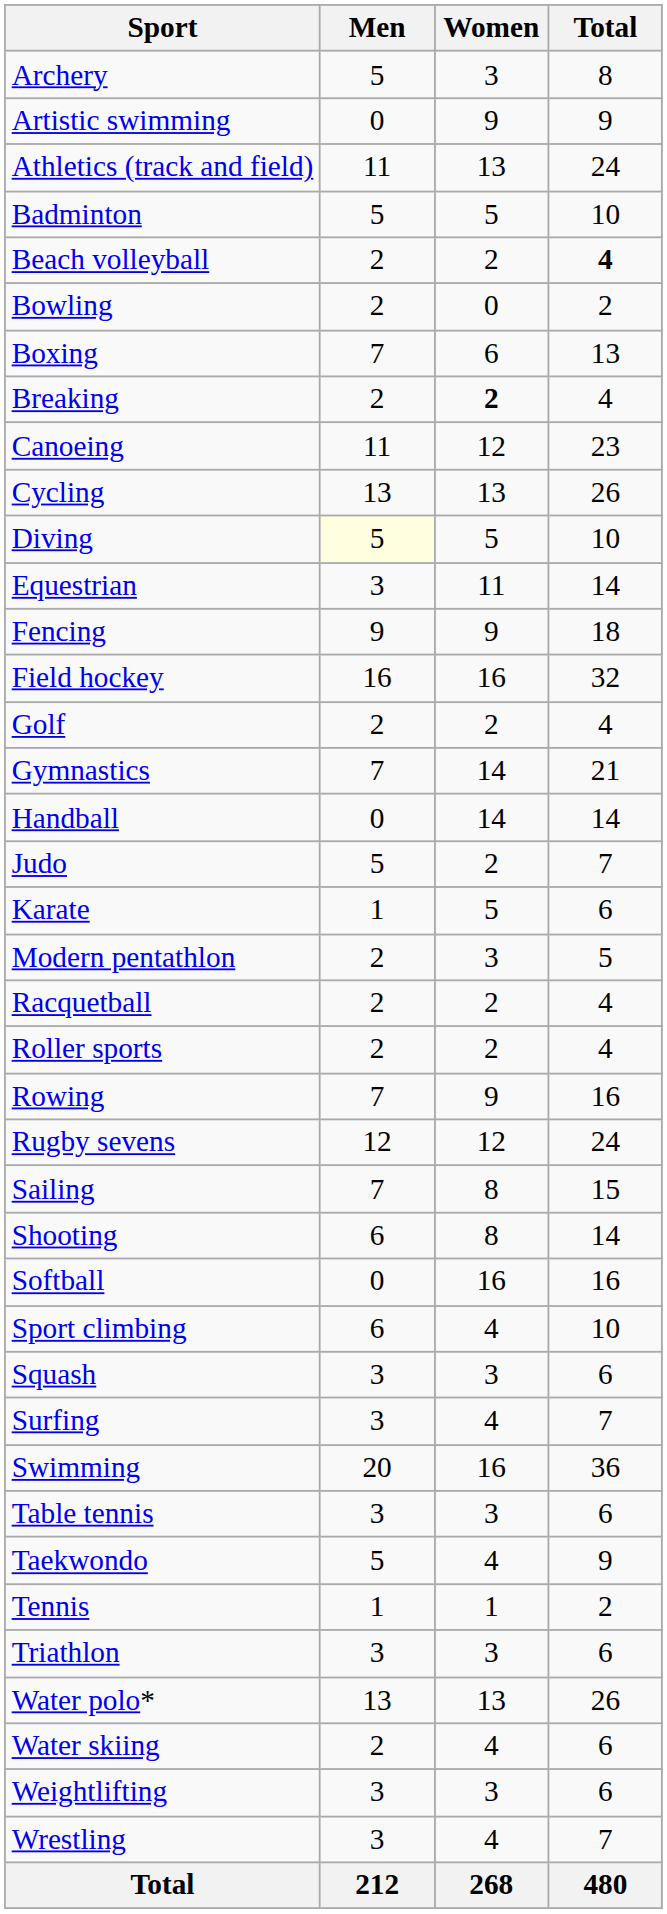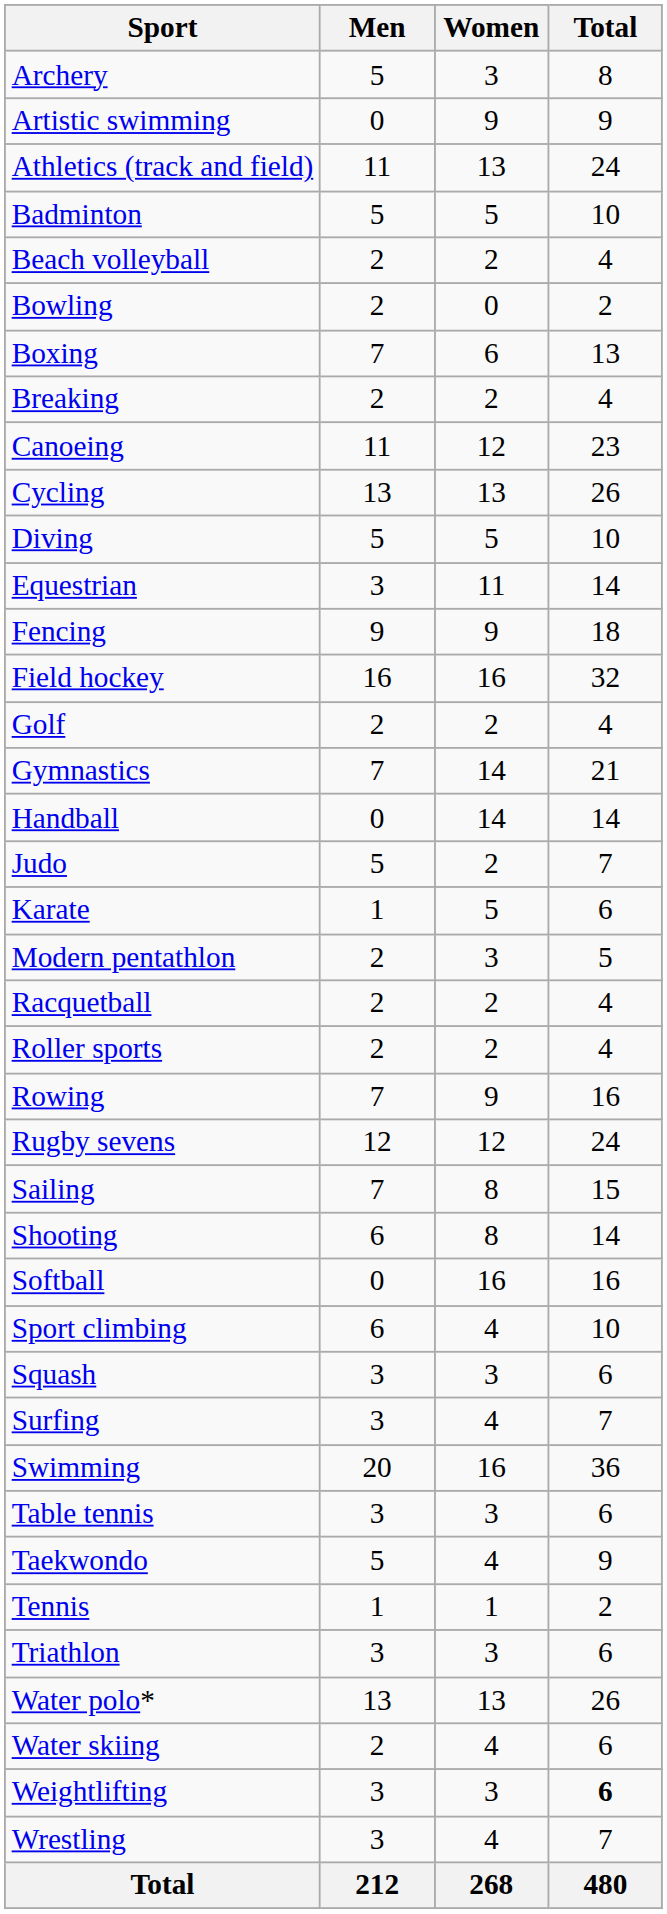 <table class="wikitable sortable" style="text-align:center;">
 <tr>
 <th width=140>Sport</th>
 <th width=55>Men</th>
 <th width=55>Women</th>
 <th width=55>Total</th>
 </tr>
 <tr>
 <td align=left><a href='#'>Archery</a></td>
 <td>5</td>
 <td>3</td>
 <td>8</td>
 </tr>
 <tr>
 <td align=left><a href='#'>Artistic swimming</a></td>
 <td>0</td>
 <td>9</td>
 <td>9</td>
 </tr>
 <tr>
 <td align=left nowrap><a href='#'>Athletics (track and field)</a></td>
 <td>11</td>
 <td>13</td>
 <td>24</td>
 </tr>
 <tr>
 <td align=left><a href='#'>Badminton</a></td>
 <td>5</td>
 <td>5</td>
 <td>10</td>
 </tr>
 <tr>
 <td align=left><a href='#'>Beach volleyball</a></td>
 <td>2</td>
 <td>2</td>
-<td><strong>4</strong></td>
+<td>4</td>
 </tr>
 <tr>
 <td align=left><a href='#'>Bowling</a></td>
 <td>2</td>
 <td>0</td>
 <td>2</td>
 </tr>
 <tr>
 <td align=left><a href='#'>Boxing</a></td>
 <td>7</td>
 <td>6</td>
 <td>13</td>
 </tr>
 <tr>
 <td align=left><a href='#'>Breaking</a></td>
 <td>2</td>
-<td><strong>2</strong></td>
+<td>2</td>
 <td>4</td>
 </tr>
 <tr>
 <td align=left><a href='#'>Canoeing</a></td>
 <td>11</td>
 <td>12</td>
 <td>23</td>
 </tr>
 <tr>
 <td align=left><a href='#'>Cycling</a></td>
 <td>13</td>
 <td>13</td>
 <td>26</td>
 </tr>
 <tr>
 <td align=left><a href='#'>Diving</a></td>
-<td style="background: lightyellow;">5</td>
+<td>5</td>
 <td>5</td>
 <td>10</td>
 </tr>
 <tr>
 <td align=left><a href='#'>Equestrian</a></td>
 <td>3</td>
 <td>11</td>
 <td>14</td>
 </tr>
 <tr>
 <td align=left><a href='#'>Fencing</a></td>
 <td>9</td>
 <td>9</td>
 <td>18</td>
 </tr>
 <tr>
 <td align=left><a href='#'>Field hockey</a></td>
 <td>16</td>
 <td>16</td>
 <td>32</td>
 </tr>
 <tr>
 <td align=left><a href='#'>Golf</a></td>
 <td>2</td>
 <td>2</td>
 <td>4</td>
 </tr>
 <tr>
 <td align=left><a href='#'>Gymnastics</a></td>
 <td>7</td>
 <td>14</td>
 <td>21</td>
 </tr>
 <tr>
 <td align=left><a href='#'>Handball</a></td>
 <td>0</td>
 <td>14</td>
 <td>14</td>
 </tr>
 <tr>
 <td align=left><a href='#'>Judo</a></td>
 <td>5</td>
 <td>2</td>
 <td>7</td>
 </tr>
 <tr>
 <td align=left><a href='#'>Karate</a></td>
 <td>1</td>
 <td>5</td>
 <td>6</td>
 </tr>
 <tr>
 <td align=left><a href='#'>Modern pentathlon</a></td>
 <td>2</td>
 <td>3</td>
 <td>5</td>
 </tr>
 <tr>
 <td align=left><a href='#'>Racquetball</a></td>
 <td>2</td>
 <td>2</td>
 <td>4</td>
 </tr>
 <tr>
 <td align=left><a href='#'>Roller sports</a></td>
 <td>2</td>
 <td>2</td>
 <td>4</td>
 </tr>
 <tr>
 <td align=left><a href='#'>Rowing</a></td>
 <td>7</td>
 <td>9</td>
 <td>16</td>
 </tr>
 <tr>
 <td align=left><a href='#'>Rugby sevens</a></td>
 <td>12</td>
 <td>12</td>
 <td>24</td>
 </tr>
 <tr>
 <td align=left><a href='#'>Sailing</a></td>
 <td>7</td>
 <td>8</td>
 <td>15</td>
 </tr>
 <tr>
 <td align=left><a href='#'>Shooting</a></td>
 <td>6</td>
 <td>8</td>
 <td>14</td>
 </tr>
 <tr>
 <td align=left><a href='#'>Softball</a></td>
 <td>0</td>
 <td>16</td>
 <td>16</td>
 </tr>
 <tr>
 <td align=left><a href='#'>Sport climbing</a></td>
 <td>6</td>
 <td>4</td>
 <td>10</td>
 </tr>
 <tr>
 <td align=left><a href='#'>Squash</a></td>
 <td>3</td>
 <td>3</td>
 <td>6</td>
 </tr>
 <tr>
 <td align=left><a href='#'>Surfing</a></td>
 <td>3</td>
 <td>4</td>
 <td>7</td>
 </tr>
 <tr>
 <td align=left><a href='#'>Swimming</a></td>
 <td>20</td>
 <td>16</td>
 <td>36</td>
 </tr>
 <tr>
 <td align=left><a href='#'>Table tennis</a></td>
 <td>3</td>
 <td>3</td>
 <td>6</td>
 </tr>
 <tr>
 <td align=left><a href='#'>Taekwondo</a></td>
 <td>5</td>
 <td>4</td>
 <td>9</td>
 </tr>
 <tr>
 <td align=left><a href='#'>Tennis</a></td>
 <td>1</td>
 <td>1</td>
 <td>2</td>
 </tr>
 <tr>
 <td align=left><a href='#'>Triathlon</a></td>
 <td>3</td>
 <td>3</td>
 <td>6</td>
 </tr>
 <tr>
 <td align=left><a href='#'>Water polo</a>*</td>
 <td>13</td>
 <td>13</td>
 <td>26</td>
 </tr>
 <tr>
 <td align=left><a href='#'>Water skiing</a></td>
 <td>2</td>
 <td>4</td>
 <td>6</td>
 </tr>
 <tr>
 <td align=left><a href='#'>Weightlifting</a></td>
 <td>3</td>
 <td>3</td>
-<td>6</td>
+<td><strong>6</strong></td>
 </tr>
 <tr>
 <td align=left><a href='#'>Wrestling</a></td>
 <td>3</td>
 <td>4</td>
 <td>7</td>
 </tr>
 <tr>
 <th>Total</th>
 <th>212</th>
 <th>268</th>
 <th>480</th>
 </tr>
 </table>
